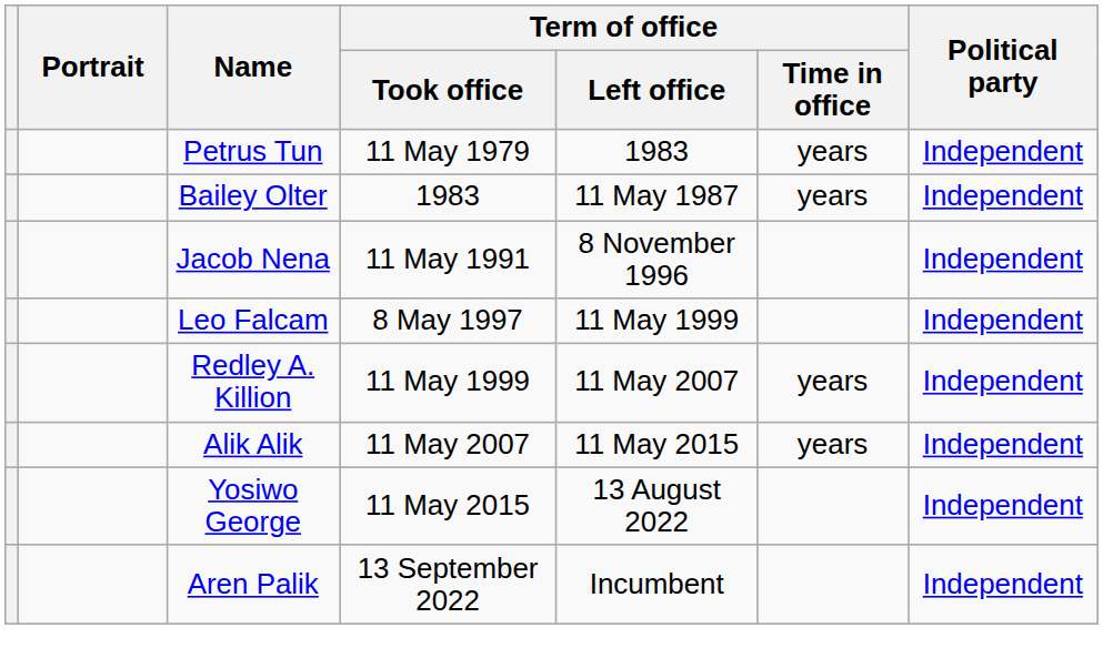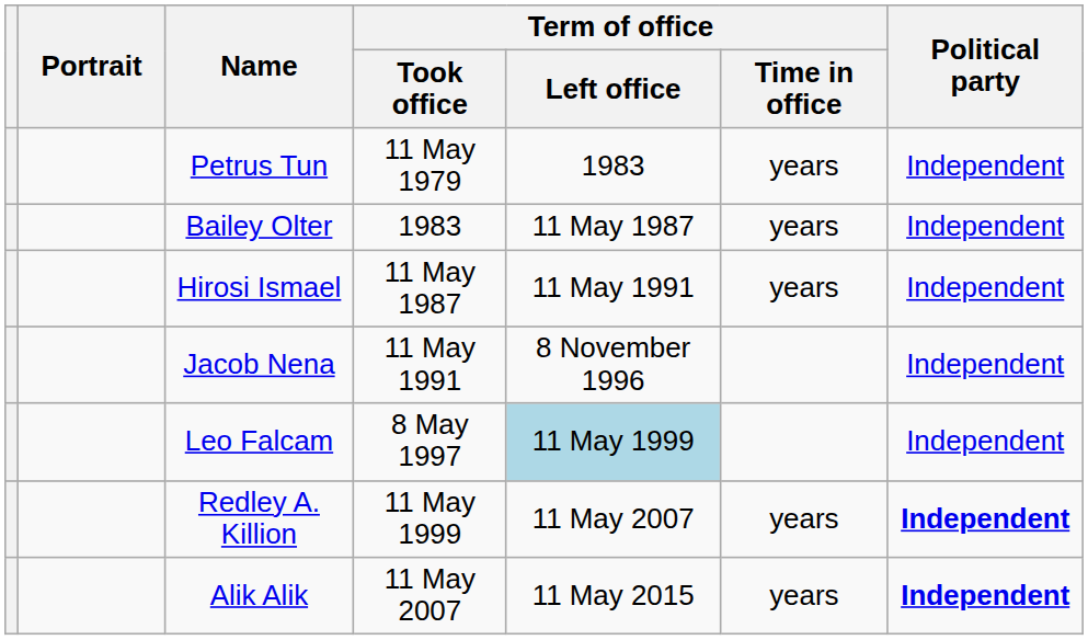 <table class="wikitable" style="text-align:center">
 <tr>
 <th rowspan="2"></th>
 <th rowspan="2" style="width:75px;">Portrait</th>
 <th rowspan="2">Name<br></th>
 <th colspan="3">Term of office</th>
 <th rowspan="2">Political party</th>
 </tr>
 <tr>
 <th>Took office</th>
 <th>Left office</th>
 <th>Time in office</th>
 </tr>
 <tr>
 <th style="background:"></th>
 <td></td>
 <td><a href='#'>Petrus Tun</a><br></td>
 <td>11 May 1979</td>
 <td>1983</td>
 <td> years</td>
 <td><a href='#'>Independent</a></td>
 </tr>
 <tr>
 <th style="background:"></th>
 <td></td>
 <td><a href='#'>Bailey Olter</a><br></td>
 <td>1983</td>
 <td>11 May 1987</td>
 <td> years</td>
 <td><a href='#'>Independent</a></td>
 </tr>
 <tr>
 <th style="background:"></th>
 <td></td>
+<td><a href='#'>Hirosi Ismael</a><br></td>
+<td>11 May 1987</td>
+<td>11 May 1991</td>
+<td> years</td>
+<td><a href='#'>Independent</a></td>
+</tr>
+<tr>
+<th style="background:"></th>
+<td></td>
 <td><a href='#'>Jacob Nena</a><br></td>
 <td>11 May 1991</td>
 <td>8 November 1996</td>
 <td></td>
 <td><a href='#'>Independent</a></td>
 </tr>
 <tr>
 <th style="background:"></th>
 <td></td>
 <td><a href='#'>Leo Falcam</a><br></td>
 <td>8 May 1997</td>
-<td>11 May 1999</td>
+<td style="background: lightblue;">11 May 1999</td>
 <td></td>
 <td><a href='#'>Independent</a></td>
 </tr>
 <tr>
 <th style="background:"></th>
 <td></td>
 <td><a href='#'>Redley A. Killion</a><br></td>
 <td>11 May 1999</td>
 <td>11 May 2007</td>
 <td> years</td>
-<td><a href='#'>Independent</a></td>
+<td><strong><a href='#'>Independent</a></strong></td>
 </tr>
 <tr>
 <th style="background:"></th>
 <td></td>
 <td><a href='#'>Alik Alik</a><br></td>
 <td>11 May 2007</td>
 <td>11 May 2015</td>
 <td> years</td>
-<td><a href='#'>Independent</a></td>
-</tr>
-<tr>
-<th style="background:"></th>
-<td></td>
-<td><a href='#'>Yosiwo George</a><br></td>
-<td>11 May 2015</td>
-<td>13 August 2022</td>
-<td></td>
-<td><a href='#'>Independent</a></td>
-</tr>
-<tr>
-<th style="background:"></th>
-<td></td>
-<td><a href='#'>Aren Palik</a></td>
-<td>13 September 2022</td>
-<td>Incumbent</td>
-<td></td>
-<td><a href='#'>Independent</a></td>
+<td><strong><a href='#'>Independent</a></strong></td>
 </tr>
 </table>
